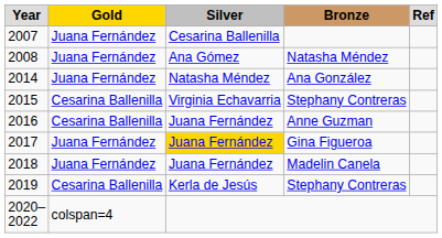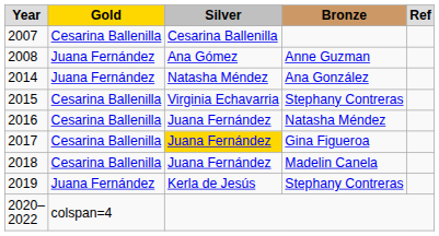 <table class="wikitable" style="text-align:left;">
 <tr>
 <td style="background:#DDDDDD; font-weight:bold; text-align:center;">Year</td>
 <td style="background:gold; font-weight:bold; text-align:center;">Gold</td>
 <td style="background:silver; font-weight:bold; text-align:center;">Silver</td>
 <td style="background:#cc9966; font-weight:bold; text-align:center;">Bronze</td>
 <td style="background:#DDDDDD; font-weight:bold; text-align:center;">Ref</td>
 </tr>
 <tr>
 <td>2007</td>
-<td><a href='#'>Juana Fernández</a></td>
+<td><a href='#'>Cesarina Ballenilla</a></td>
 <td><a href='#'>Cesarina Ballenilla</a></td>
 <td></td>
 <td></td>
 </tr>
 <tr>
 <td>2008</td>
 <td><a href='#'>Juana Fernández</a></td>
 <td><a href='#'>Ana Gómez</a></td>
-<td><a href='#'>Natasha Méndez</a></td>
+<td><a href='#'>Anne Guzman</a></td>
 <td></td>
 </tr>
 <tr>
 <td>2014</td>
 <td><a href='#'>Juana Fernández</a></td>
 <td><a href='#'>Natasha Méndez</a></td>
 <td><a href='#'>Ana González</a></td>
 <td></td>
 </tr>
 <tr>
 <td>2015</td>
 <td><a href='#'>Cesarina Ballenilla</a></td>
 <td><a href='#'>Virginia Echavarria</a></td>
 <td><a href='#'>Stephany Contreras</a></td>
 <td></td>
 </tr>
 <tr>
 <td>2016</td>
 <td><a href='#'>Cesarina Ballenilla</a></td>
 <td><a href='#'>Juana Fernández</a></td>
-<td><a href='#'>Anne Guzman</a></td>
+<td><a href='#'>Natasha Méndez</a></td>
 <td></td>
 </tr>
 <tr>
 <td>2017</td>
-<td><a href='#'>Juana Fernández</a></td>
+<td><a href='#'>Cesarina Ballenilla</a></td>
 <td style="background: gold;"><a href='#'>Juana Fernández</a></td>
 <td><a href='#'>Gina Figueroa</a></td>
 <td></td>
 </tr>
 <tr>
 <td>2018</td>
-<td><a href='#'>Juana Fernández</a></td>
+<td><a href='#'>Cesarina Ballenilla</a></td>
 <td><a href='#'>Juana Fernández</a></td>
 <td><a href='#'>Madelin Canela</a></td>
 <td></td>
 </tr>
 <tr>
 <td>2019</td>
-<td><a href='#'>Cesarina Ballenilla</a></td>
+<td><a href='#'>Juana Fernández</a></td>
 <td><a href='#'>Kerla de Jesús</a></td>
 <td><a href='#'>Stephany Contreras</a></td>
 <td></td>
 </tr>
 <tr>
 <td>2020–<br>2022</td>
 <td>colspan=4 </td>
 </tr>
 </table>
